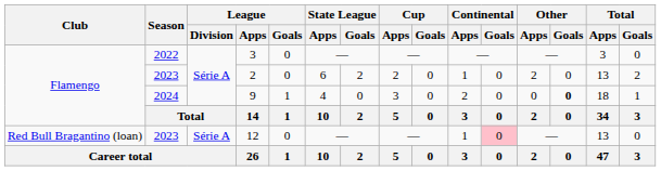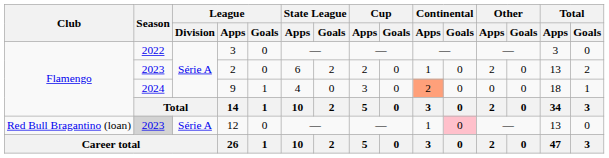 <table class="wikitable" style="text-align: center; font-size:96%">
 <tr>
 <th rowspan="2">Club</th>
 <th rowspan="2">Season</th>
 <th colspan="3">League</th>
 <th colspan="2">State League</th>
 <th colspan="2">Cup</th>
 <th colspan="2">Continental</th>
 <th colspan="2">Other</th>
 <th colspan="2">Total</th>
 </tr>
 <tr>
 <th>Division</th>
 <th>Apps</th>
 <th>Goals</th>
 <th>Apps</th>
 <th>Goals</th>
 <th>Apps</th>
 <th>Goals</th>
 <th>Apps</th>
 <th>Goals</th>
 <th>Apps</th>
 <th>Goals</th>
 <th>Apps</th>
 <th>Goals</th>
 </tr>
 <tr>
 <td rowspan="4" valign="center"><a href='#'>Flamengo</a></td>
 <td><a href='#'>2022</a></td>
 <td rowspan="3" valign="center"><a href='#'>Série A</a></td>
 <td>3</td>
 <td>0</td>
 <td colspan="2">—</td>
 <td colspan="2">—</td>
 <td colspan="2">—</td>
 <td colspan="2">—</td>
 <td>3</td>
 <td>0</td>
 </tr>
 <tr>
 <td><a href='#'>2023</a></td>
 <td>2</td>
 <td>0</td>
 <td>6</td>
 <td>2</td>
 <td>2</td>
 <td>0</td>
 <td>1</td>
 <td>0</td>
 <td>2</td>
 <td>0</td>
 <td>13</td>
 <td>2</td>
 </tr>
 <tr>
 <td><a href='#'>2024</a></td>
 <td>9</td>
 <td>1</td>
 <td>4</td>
 <td>0</td>
 <td>3</td>
 <td>0</td>
-<td>2</td>
+<td style="background: lightsalmon;">2</td>
 <td>0</td>
 <td>0</td>
-<td><strong>0</strong></td>
+<td>0</td>
 <td>18</td>
 <td>1</td>
 </tr>
 <tr>
 <th colspan="2"><strong>Total</strong></th>
 <th>14</th>
 <th>1</th>
 <th>10</th>
 <th>2</th>
 <th>5</th>
 <th>0</th>
 <th>3</th>
 <th>0</th>
 <th>2</th>
 <th>0</th>
 <th>34</th>
 <th>3</th>
 </tr>
 <tr>
 <td rowspan="1" valign="center"><a href='#'>Red Bull Bragantino</a> (loan)</td>
-<td><a href='#'>2023</a></td>
+<td style="background: lightgrey;"><a href='#'>2023</a></td>
 <td rowspan="1" valign="center"><a href='#'>Série A</a></td>
 <td>12</td>
 <td>0</td>
 <td colspan="2">—</td>
 <td colspan="2">—</td>
 <td>1</td>
 <td style="background: pink;">0</td>
 <td colspan="2">—</td>
 <td>13</td>
 <td>0</td>
 </tr>
 <tr>
 <th colspan="3"><strong>Career total</strong></th>
 <th>26</th>
 <th>1</th>
 <th>10</th>
 <th>2</th>
 <th>5</th>
 <th>0</th>
 <th>3</th>
 <th>0</th>
 <th>2</th>
 <th>0</th>
 <th>47</th>
 <th>3</th>
 </tr>
 </table>
